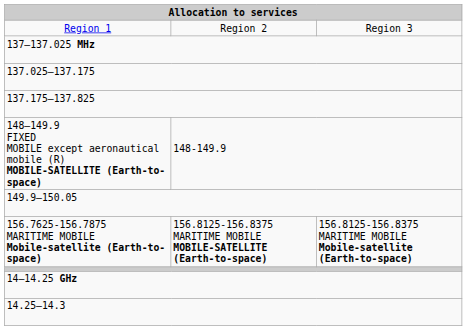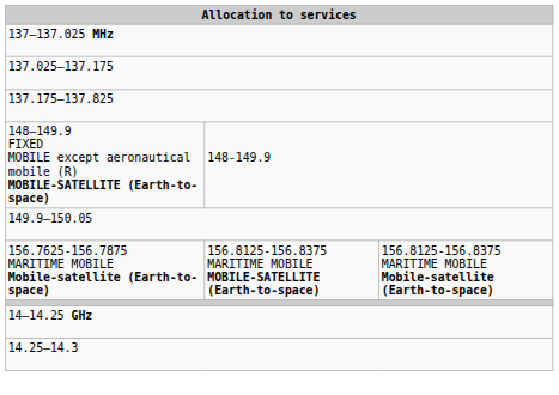 <table class=wikitable>
 <tr bgcolor="#CCCCCC" align="center">
 <td align="center" colspan="3"><strong>Allocation to services</strong></td>
-</tr>
-<tr align="center">
-<td align="center"><a href='#'>Region 1</a></td>
-<td>     Region 2     </td>
-<td>     Region 3     </td>
 </tr>
 <tr>
 <td colspan="3">137–137.025 <strong>MHz</strong><br><br></td>
 </tr>
 <tr>
 <td colspan="3">137.025–137.175 <br><br></td>
 </tr>
 <tr>
 <td colspan="3">137.175–137.825 <br><br></td>
 </tr>
 <tr>
 <td>148–149.9 <br>FIXED <br>MOBILE except aeronautical mobile (R) <br><strong>MOBILE-SATELLITE (Earth-to-space)</strong></td>
 <td colspan="2">148-149.9<br><br></td>
 </tr>
 <tr>
 <td colspan="3">149.9–150.05 <br><br></td>
 </tr>
 <tr>
 <td>156.7625-156.7875 <br>MARITIME MOBILE <br><strong>Mobile-satellite (Earth-to-space)</strong></td>
 <td>156.8125-156.8375 <br>MARITIME MOBILE <br><strong>MOBILE-SATELLITE (Earth-to-space)</strong></td>
 <td>156.8125-156.8375 <br>MARITIME MOBILE <br><strong>Mobile-satellite (Earth-to-space)</strong></td>
 </tr>
 <tr bgcolor="#CCCCCC" align="center">
 <td align="center" colspan="3"></td>
 </tr>
 <tr>
 <td colspan="3">14–14.25 <strong>GHz</strong><br><br></td>
 </tr>
 <tr>
 <td colspan="3">14.25–14.3 <br><br></td>
 </tr>
 </table>
